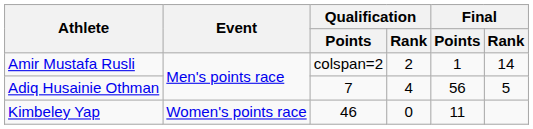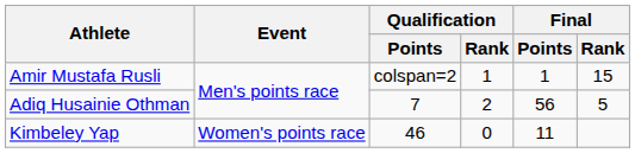 <table class=wikitable style="text-align:center; font-size:90%">
 <tr>
 <th rowspan=2>Athlete</th>
 <th rowspan=2>Event</th>
 <th colspan=2>Qualification</th>
 <th colspan=2>Final</th>
 </tr>
 <tr>
 <th>Points</th>
 <th>Rank</th>
 <th>Points</th>
 <th>Rank</th>
 </tr>
 <tr>
 <td align=left><a href='#'>Amir Mustafa Rusli</a></td>
 <td align=left rowspan=2><a href='#'>Men's points race</a></td>
 <td>colspan=2 </td>
-<td>2 <strong></strong></td>
+<td>1 <strong></strong></td>
 <td>1</td>
-<td>14</td>
+<td>15</td>
 </tr>
 <tr>
 <td align=left><a href='#'>Adiq Husainie Othman</a></td>
 <td>7</td>
-<td>4 <strong></strong></td>
+<td>2 <strong></strong></td>
 <td>56</td>
 <td>5</td>
 </tr>
 <tr>
 <td align=left><a href='#'>Kimbeley Yap</a></td>
 <td align=left><a href='#'>Women's points race</a></td>
 <td>46</td>
 <td>0</td>
 <td>11</td>
 </tr>
 </table>
